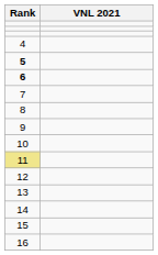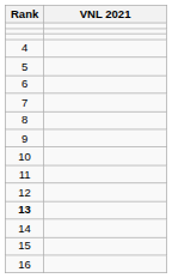 <table class="wikitable sortable" style="font-size:85%; text-align:center;">
 <tr>
 <th width=40>Rank</th>
 <th width=140>VNL 2021</th>
 </tr>
 <tr>
 <td></td>
 <td style="text-align:left"></td>
 </tr>
 <tr>
 <td></td>
 <td style="text-align:left"></td>
 </tr>
 <tr>
 <td></td>
 <td style="text-align:left"></td>
 </tr>
 <tr>
 <td>4</td>
 <td style="text-align:left"></td>
 </tr>
 <tr>
-<td><strong>5</strong></td>
+<td>5</td>
 <td style="text-align:left"></td>
 </tr>
 <tr>
-<td><strong>6</strong></td>
+<td>6</td>
 <td style="text-align:left"></td>
 </tr>
 <tr>
 <td>7</td>
 <td style="text-align:left"></td>
 </tr>
 <tr>
 <td>8</td>
 <td style="text-align:left;"></td>
 </tr>
 <tr>
 <td>9</td>
 <td style="text-align:left"></td>
 </tr>
 <tr>
 <td>10</td>
 <td style="text-align:left"></td>
 </tr>
 <tr>
-<td style="background: khaki;">11</td>
+<td>11</td>
 <td style="text-align:left"></td>
 </tr>
 <tr>
 <td>12</td>
 <td style="text-align:left"></td>
 </tr>
 <tr>
-<td>13</td>
+<td><strong>13</strong></td>
 <td style="text-align:left;"></td>
 </tr>
 <tr>
 <td>14</td>
 <td style="text-align:left"></td>
 </tr>
 <tr>
 <td>15</td>
 <td style="text-align:left"></td>
 </tr>
 <tr>
 <td>16</td>
 <td style="text-align:left;"></td>
 </tr>
 </table>
